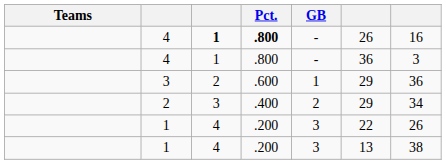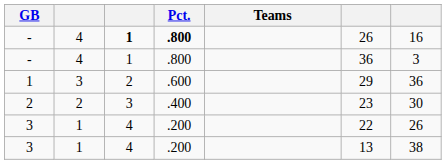 <table class="wikitable" style="text-align:center;">
 <tr>
-<th width=150px>Teams</th>
+<th width=50px><a href='#'>GB</a></th>
 <th width=50px></th>
 <th width=50px></th>
 <th width=50px><a href='#'>Pct.</a></th>
-<th width=50px><a href='#'>GB</a></th>
+<th width=150px>Teams</th>
 <th width=50px></th>
 <th width=50px></th>
 </tr>
 <tr style="background-color:">
-<td align=left></td>
+<td>-</td>
 <td>4</td>
 <td><strong>1</strong></td>
 <td><strong>.800</strong></td>
-<td>-</td>
+<td align=left></td>
 <td>26</td>
 <td>16</td>
 </tr>
 <tr style="background-color:">
-<td align=left></td>
+<td>-</td>
 <td>4</td>
 <td>1</td>
 <td>.800</td>
-<td>-</td>
+<td align=left></td>
 <td>36</td>
 <td>3</td>
 </tr>
 <tr style="background-color:">
-<td align=left></td>
+<td>1</td>
 <td>3</td>
 <td>2</td>
 <td>.600</td>
-<td>1</td>
+<td align=left></td>
 <td>29</td>
 <td>36</td>
 </tr>
 <tr style="background-color:">
-<td align=left></td>
+<td>2</td>
 <td>2</td>
 <td>3</td>
 <td>.400</td>
-<td>2</td>
-<td>29</td>
-<td>34</td>
+<td align=left></td>
+<td>23</td>
+<td>30</td>
 </tr>
 <tr style="background-color:">
-<td align=left></td>
+<td>3</td>
 <td>1</td>
 <td>4</td>
 <td>.200</td>
-<td>3</td>
+<td align=left></td>
 <td>22</td>
 <td>26</td>
 </tr>
 <tr style="background-color:">
-<td align=left></td>
+<td>3</td>
 <td>1</td>
 <td>4</td>
 <td>.200</td>
-<td>3</td>
+<td align=left></td>
 <td>13</td>
 <td>38</td>
 </tr>
 </table>
